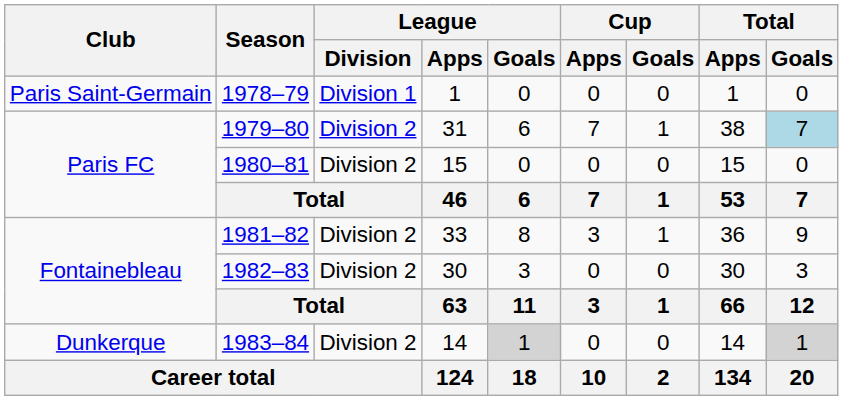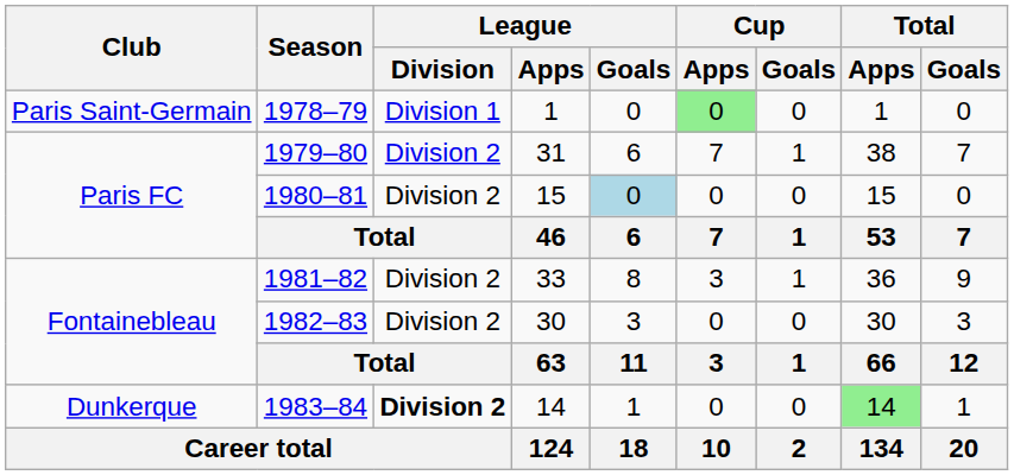 <table class="wikitable" style="text-align:center">
 <tr>
 <th rowspan="2">Club</th>
 <th rowspan="2">Season</th>
 <th colspan="3">League</th>
 <th colspan="2">Cup</th>
 <th colspan="2">Total</th>
 </tr>
 <tr>
 <th>Division</th>
 <th>Apps</th>
 <th>Goals</th>
 <th>Apps</th>
 <th>Goals</th>
 <th>Apps</th>
 <th>Goals</th>
 </tr>
 <tr>
 <td><a href='#'>Paris Saint-Germain</a></td>
 <td><a href='#'>1978–79</a></td>
 <td><a href='#'>Division 1</a></td>
 <td>1</td>
 <td>0</td>
-<td>0</td>
+<td style="background: lightgreen;">0</td>
 <td>0</td>
 <td>1</td>
 <td>0</td>
 </tr>
 <tr>
 <td rowspan="3"><a href='#'>Paris FC</a></td>
 <td><a href='#'>1979–80</a></td>
 <td><a href='#'>Division 2</a></td>
 <td>31</td>
 <td>6</td>
 <td>7</td>
 <td>1</td>
 <td>38</td>
-<td style="background: lightblue;">7</td>
+<td>7</td>
 </tr>
 <tr>
 <td><a href='#'>1980–81</a></td>
 <td>Division 2</td>
 <td>15</td>
-<td>0</td>
+<td style="background: lightblue;">0</td>
 <td>0</td>
 <td>0</td>
 <td>15</td>
 <td>0</td>
 </tr>
 <tr>
 <th colspan="2">Total</th>
 <th>46</th>
 <th>6</th>
 <th>7</th>
 <th>1</th>
 <th>53</th>
 <th>7</th>
 </tr>
 <tr>
 <td rowspan="3"><a href='#'>Fontainebleau</a></td>
 <td><a href='#'>1981–82</a></td>
 <td>Division 2</td>
 <td>33</td>
 <td>8</td>
 <td>3</td>
 <td>1</td>
 <td>36</td>
 <td>9</td>
 </tr>
 <tr>
 <td><a href='#'>1982–83</a></td>
 <td>Division 2</td>
 <td>30</td>
 <td>3</td>
 <td>0</td>
 <td>0</td>
 <td>30</td>
 <td>3</td>
 </tr>
 <tr>
 <th colspan="2">Total</th>
 <th>63</th>
 <th>11</th>
 <th>3</th>
 <th>1</th>
 <th>66</th>
 <th>12</th>
 </tr>
 <tr>
 <td><a href='#'>Dunkerque</a></td>
 <td><a href='#'>1983–84</a></td>
-<td>Division 2</td>
+<td><strong>Division 2</strong></td>
 <td>14</td>
-<td style="background: lightgrey;">1</td>
+<td>1</td>
 <td>0</td>
 <td>0</td>
-<td>14</td>
-<td style="background: lightgrey;">1</td>
+<td style="background: lightgreen;">14</td>
+<td>1</td>
 </tr>
 <tr>
 <th colspan="3">Career total</th>
 <th>124</th>
 <th>18</th>
 <th>10</th>
 <th>2</th>
 <th>134</th>
 <th>20</th>
 </tr>
 </table>
